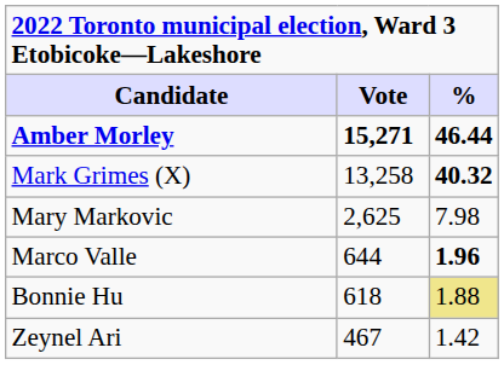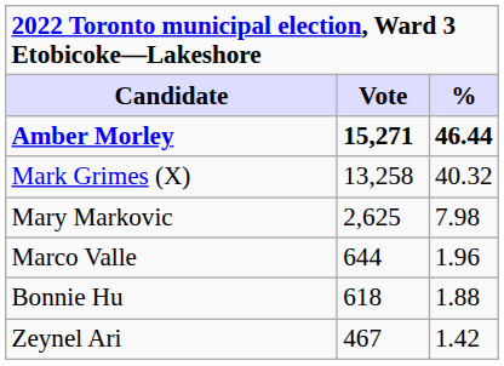 <table class="wikitable">
 <tr>
 <td colspan="3"><strong><a href='#'>2022 Toronto municipal election</a>, Ward 3 Etobicoke—Lakeshore</strong></td>
 </tr>
 <tr>
 <th style="background:#ddf; width:200px;">Candidate</th>
 <th style="background:#ddf; width:50px;">Vote</th>
 <th style="background:#ddf; width:30px;">%</th>
 </tr>
 <tr>
 <td><strong><a href='#'>Amber Morley</a></strong></td>
 <td><strong>15,271</strong></td>
 <td><strong>46.44</strong></td>
 </tr>
 <tr>
 <td><a href='#'>Mark Grimes</a> (X)</td>
 <td>13,258</td>
-<td><strong>40.32</strong></td>
+<td>40.32</td>
 </tr>
 <tr>
 <td>Mary Markovic</td>
 <td>2,625</td>
 <td>7.98</td>
 </tr>
 <tr>
 <td>Marco Valle</td>
 <td>644</td>
-<td><strong>1.96</strong></td>
+<td>1.96</td>
 </tr>
 <tr>
 <td>Bonnie Hu</td>
 <td>618</td>
-<td style="background: khaki;">1.88</td>
+<td>1.88</td>
 </tr>
 <tr>
 <td>Zeynel Ari</td>
 <td>467</td>
 <td>1.42</td>
 </tr>
 </table>
